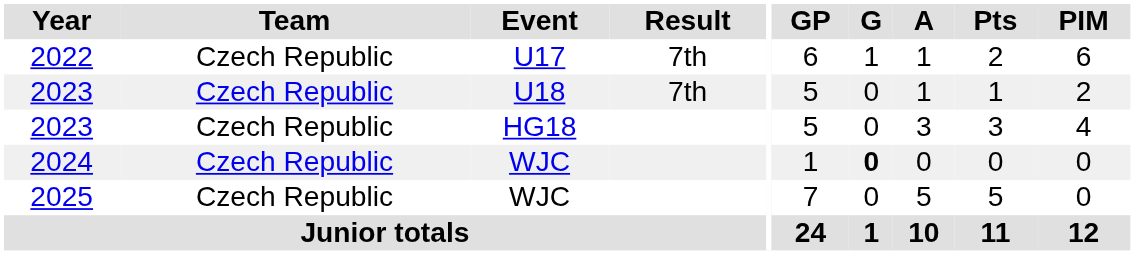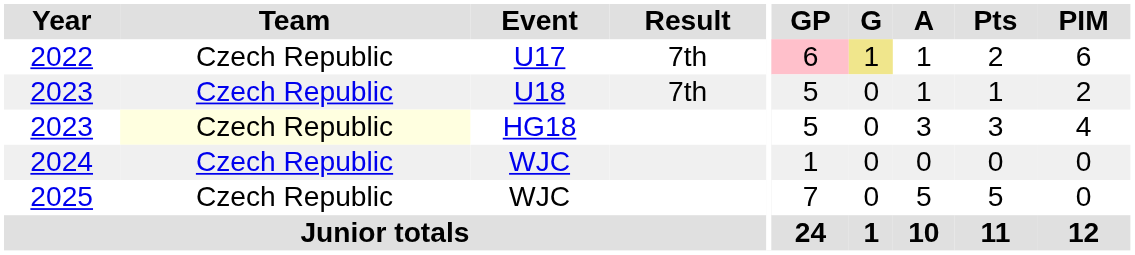 <table border="0" cellpadding="1" cellspacing="0" ID="Table3" style="text-align:center; width:40em;">
 <tr bgcolor="#e0e0e0">
 <th>Year</th>
 <th>Team</th>
 <th>Event</th>
 <th>Result</th>
 <th rowspan="100" bgcolor="#ffffff"></th>
 <th>GP</th>
 <th>G</th>
 <th>A</th>
 <th>Pts</th>
 <th>PIM</th>
 </tr>
 <tr>
 <td><a href='#'>2022</a></td>
 <td>Czech Republic</td>
 <td><a href='#'>U17</a></td>
 <td>7th</td>
-<td>6</td>
-<td>1</td>
+<td style="background: pink;">6</td>
+<td style="background: khaki;">1</td>
 <td>1</td>
 <td>2</td>
 <td>6</td>
 </tr>
 <tr bgcolor="f0f0f0">
 <td><a href='#'>2023</a></td>
 <td><a href='#'>Czech Republic</a></td>
 <td><a href='#'>U18</a></td>
 <td>7th</td>
 <td>5</td>
 <td>0</td>
 <td>1</td>
 <td>1</td>
 <td>2</td>
 </tr>
 <tr>
 <td><a href='#'>2023</a></td>
-<td>Czech Republic</td>
+<td style="background: lightyellow;">Czech Republic</td>
 <td><a href='#'>HG18</a></td>
 <td></td>
 <td>5</td>
 <td>0</td>
 <td>3</td>
 <td>3</td>
 <td>4</td>
 </tr>
 <tr bgcolor="#f0f0f0">
 <td><a href='#'>2024</a></td>
 <td><a href='#'>Czech Republic</a></td>
 <td><a href='#'>WJC</a></td>
 <td></td>
 <td>1</td>
-<td><strong>0</strong></td>
+<td>0</td>
 <td>0</td>
 <td>0</td>
 <td>0</td>
 </tr>
 <tr>
 <td><a href='#'>2025</a></td>
 <td>Czech Republic</td>
 <td>WJC</td>
 <td></td>
 <td>7</td>
 <td>0</td>
 <td>5</td>
 <td>5</td>
 <td>0</td>
 </tr>
 <tr bgcolor="#e0e0e0">
 <th colspan="4">Junior totals</th>
 <th>24</th>
 <th>1</th>
 <th>10</th>
 <th>11</th>
 <th>12</th>
 </tr>
 </table>
